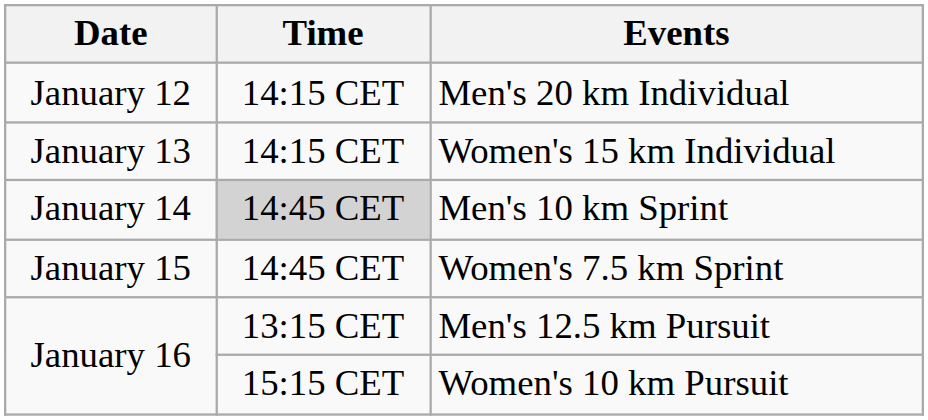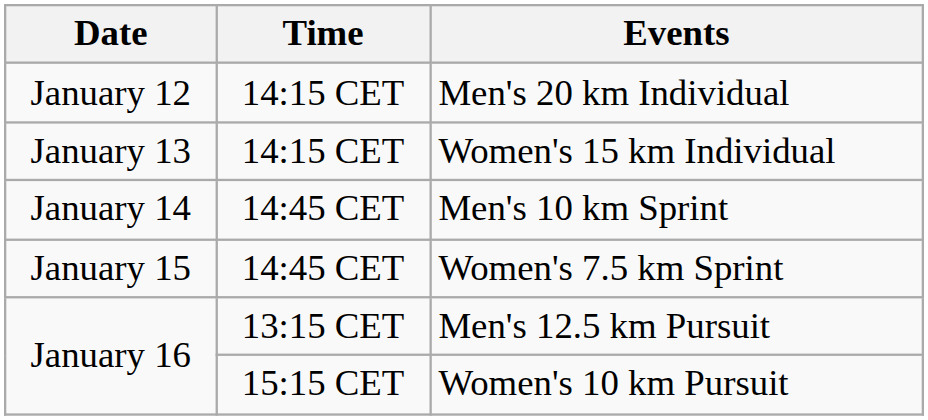 <table class="wikitable" style="text-align: center" width="400">
 <tr>
 <th>Date</th>
 <th>Time</th>
 <th>Events</th>
 </tr>
 <tr>
 <td>January 12</td>
 <td>14:15 CET</td>
 <td style="text-align: left">Men's 20 km Individual</td>
 </tr>
 <tr>
 <td>January 13</td>
 <td>14:15 CET</td>
 <td style="text-align: left">Women's 15 km Individual</td>
 </tr>
 <tr>
 <td>January 14</td>
-<td style="background: lightgrey;">14:45 CET</td>
+<td>14:45 CET</td>
 <td style="text-align: left">Men's 10 km Sprint</td>
 </tr>
 <tr>
 <td>January 15</td>
 <td>14:45 CET</td>
 <td style="text-align: left">Women's 7.5 km Sprint</td>
 </tr>
 <tr>
 <td rowspan="2">January 16</td>
 <td>13:15 CET</td>
 <td style="text-align: left">Men's 12.5 km Pursuit</td>
 </tr>
 <tr>
 <td>15:15 CET</td>
 <td style="text-align: left">Women's 10 km Pursuit</td>
 </tr>
 </table>
